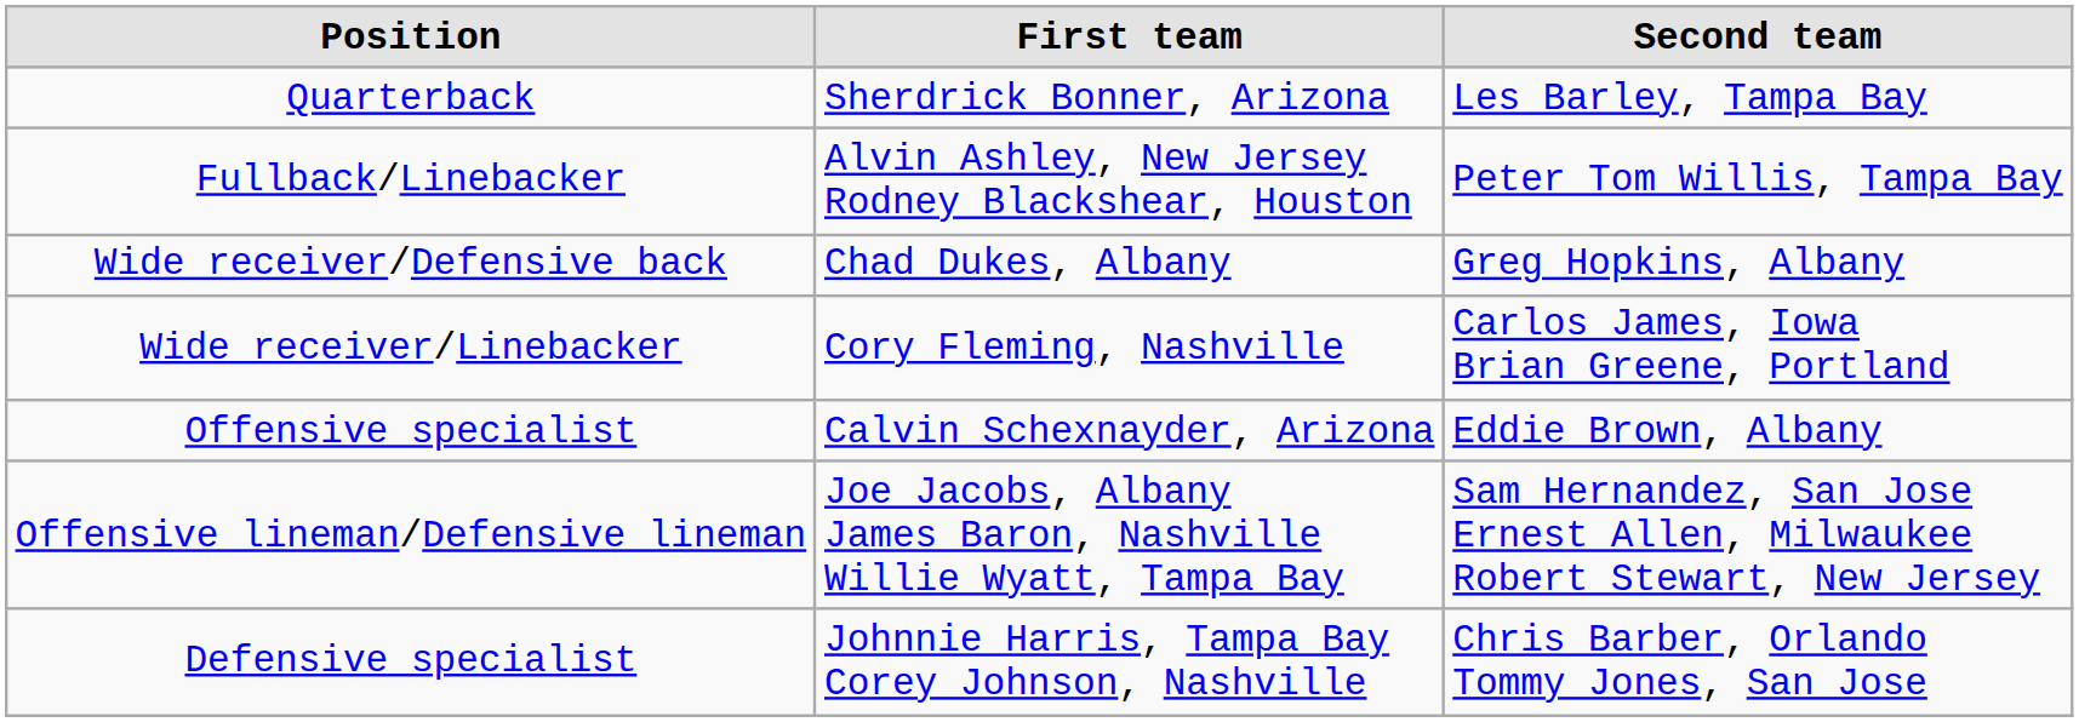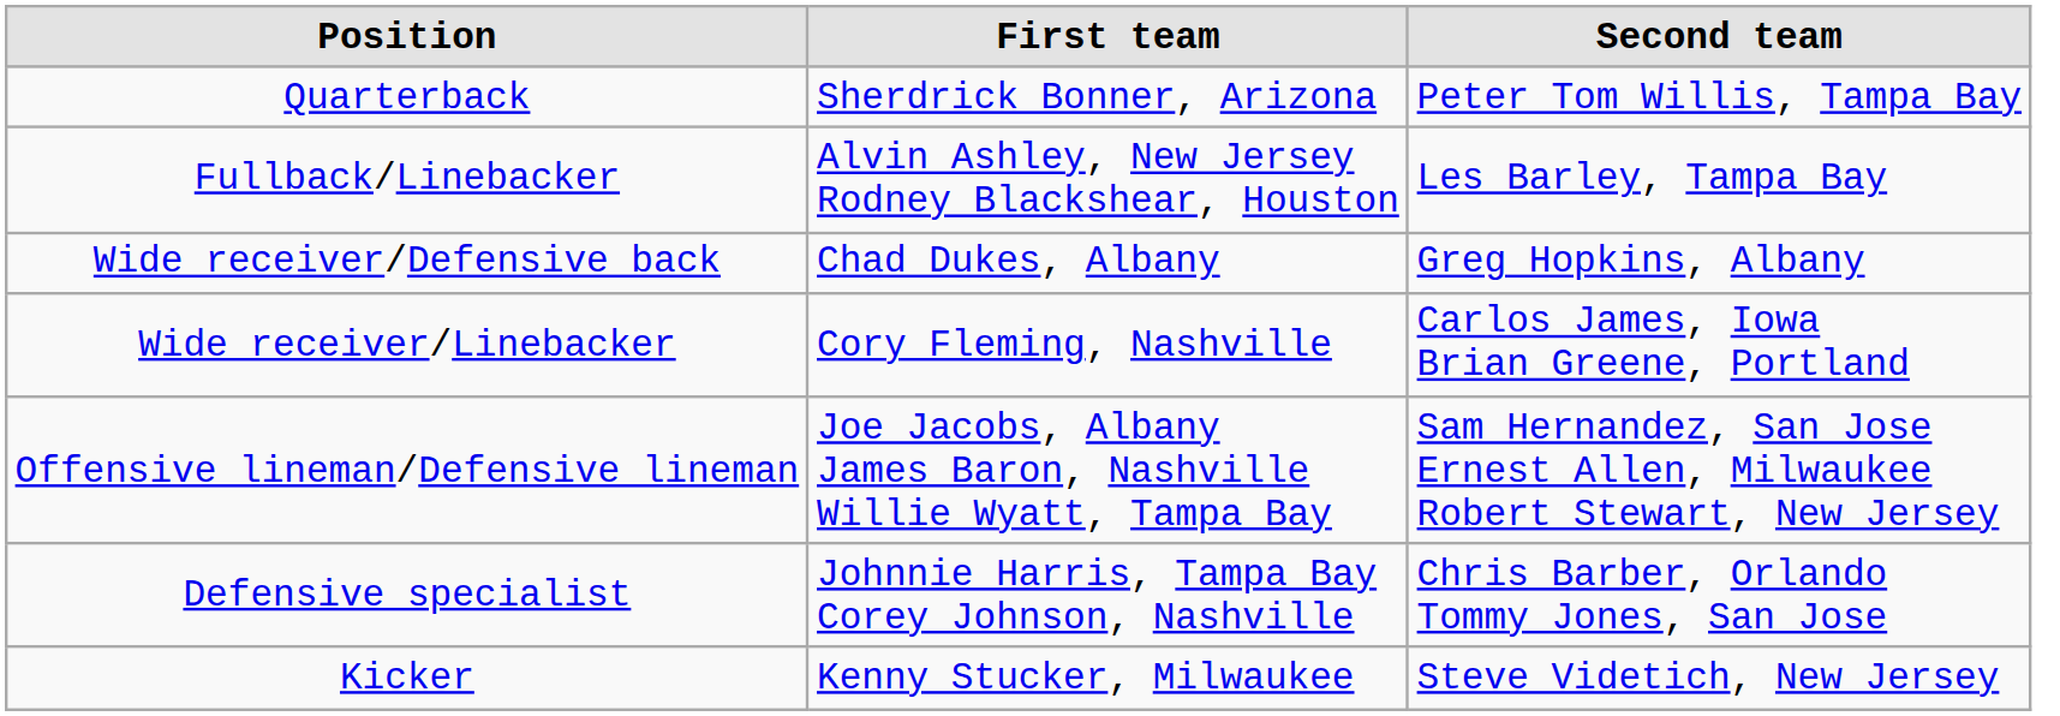 <table class="wikitable">
 <tr>
 <th style="background:#e3e3e3;">Position</th>
 <th style="background:#e3e3e3;">First team</th>
 <th style="background:#e3e3e3;">Second team</th>
 </tr>
 <tr>
 <td align=center><a href='#'>Quarterback</a></td>
 <td><a href='#'>Sherdrick Bonner</a>, <a href='#'>Arizona</a></td>
-<td><a href='#'>Les Barley</a>, <a href='#'>Tampa Bay</a></td>
+<td><a href='#'>Peter Tom Willis</a>, <a href='#'>Tampa Bay</a></td>
 </tr>
 <tr>
 <td align=center><a href='#'>Fullback</a>/<a href='#'>Linebacker</a></td>
 <td><a href='#'>Alvin Ashley</a>, <a href='#'>New Jersey</a><br><a href='#'>Rodney Blackshear</a>, <a href='#'>Houston</a></td>
-<td><a href='#'>Peter Tom Willis</a>, <a href='#'>Tampa Bay</a></td>
+<td><a href='#'>Les Barley</a>, <a href='#'>Tampa Bay</a></td>
 </tr>
 <tr>
 <td align=center><a href='#'>Wide receiver</a>/<a href='#'>Defensive back</a></td>
 <td><a href='#'>Chad Dukes</a>, <a href='#'>Albany</a></td>
 <td><a href='#'>Greg Hopkins</a>, <a href='#'>Albany</a></td>
 </tr>
 <tr>
 <td align=center><a href='#'>Wide receiver</a>/<a href='#'>Linebacker</a></td>
 <td><a href='#'>Cory Fleming</a>, <a href='#'>Nashville</a></td>
 <td><a href='#'>Carlos James</a>, <a href='#'>Iowa</a><br><a href='#'>Brian Greene</a>, <a href='#'>Portland</a></td>
 </tr>
 <tr>
-<td align=center><a href='#'>Offensive specialist</a></td>
-<td><a href='#'>Calvin Schexnayder</a>, <a href='#'>Arizona</a></td>
-<td><a href='#'>Eddie Brown</a>, <a href='#'>Albany</a></td>
-</tr>
-<tr>
 <td align=center><a href='#'>Offensive lineman</a>/<a href='#'>Defensive lineman</a></td>
 <td><a href='#'>Joe Jacobs</a>, <a href='#'>Albany</a><br><a href='#'>James Baron</a>, <a href='#'>Nashville</a><br><a href='#'>Willie Wyatt</a>, <a href='#'>Tampa Bay</a></td>
 <td><a href='#'>Sam Hernandez</a>, <a href='#'>San Jose</a><br><a href='#'>Ernest Allen</a>, <a href='#'>Milwaukee</a><br><a href='#'>Robert Stewart</a>, <a href='#'>New Jersey</a></td>
 </tr>
 <tr>
 <td align=center><a href='#'>Defensive specialist</a></td>
 <td><a href='#'>Johnnie Harris</a>, <a href='#'>Tampa Bay</a><br><a href='#'>Corey Johnson</a>, <a href='#'>Nashville</a></td>
 <td><a href='#'>Chris Barber</a>, <a href='#'>Orlando</a><br><a href='#'>Tommy Jones</a>, <a href='#'>San Jose</a></td>
 </tr>
+<tr>
+<td align=center><a href='#'>Kicker</a></td>
+<td><a href='#'>Kenny Stucker</a>, <a href='#'>Milwaukee</a></td>
+<td><a href='#'>Steve Videtich</a>, <a href='#'>New Jersey</a></td>
+</tr>
 </table>
